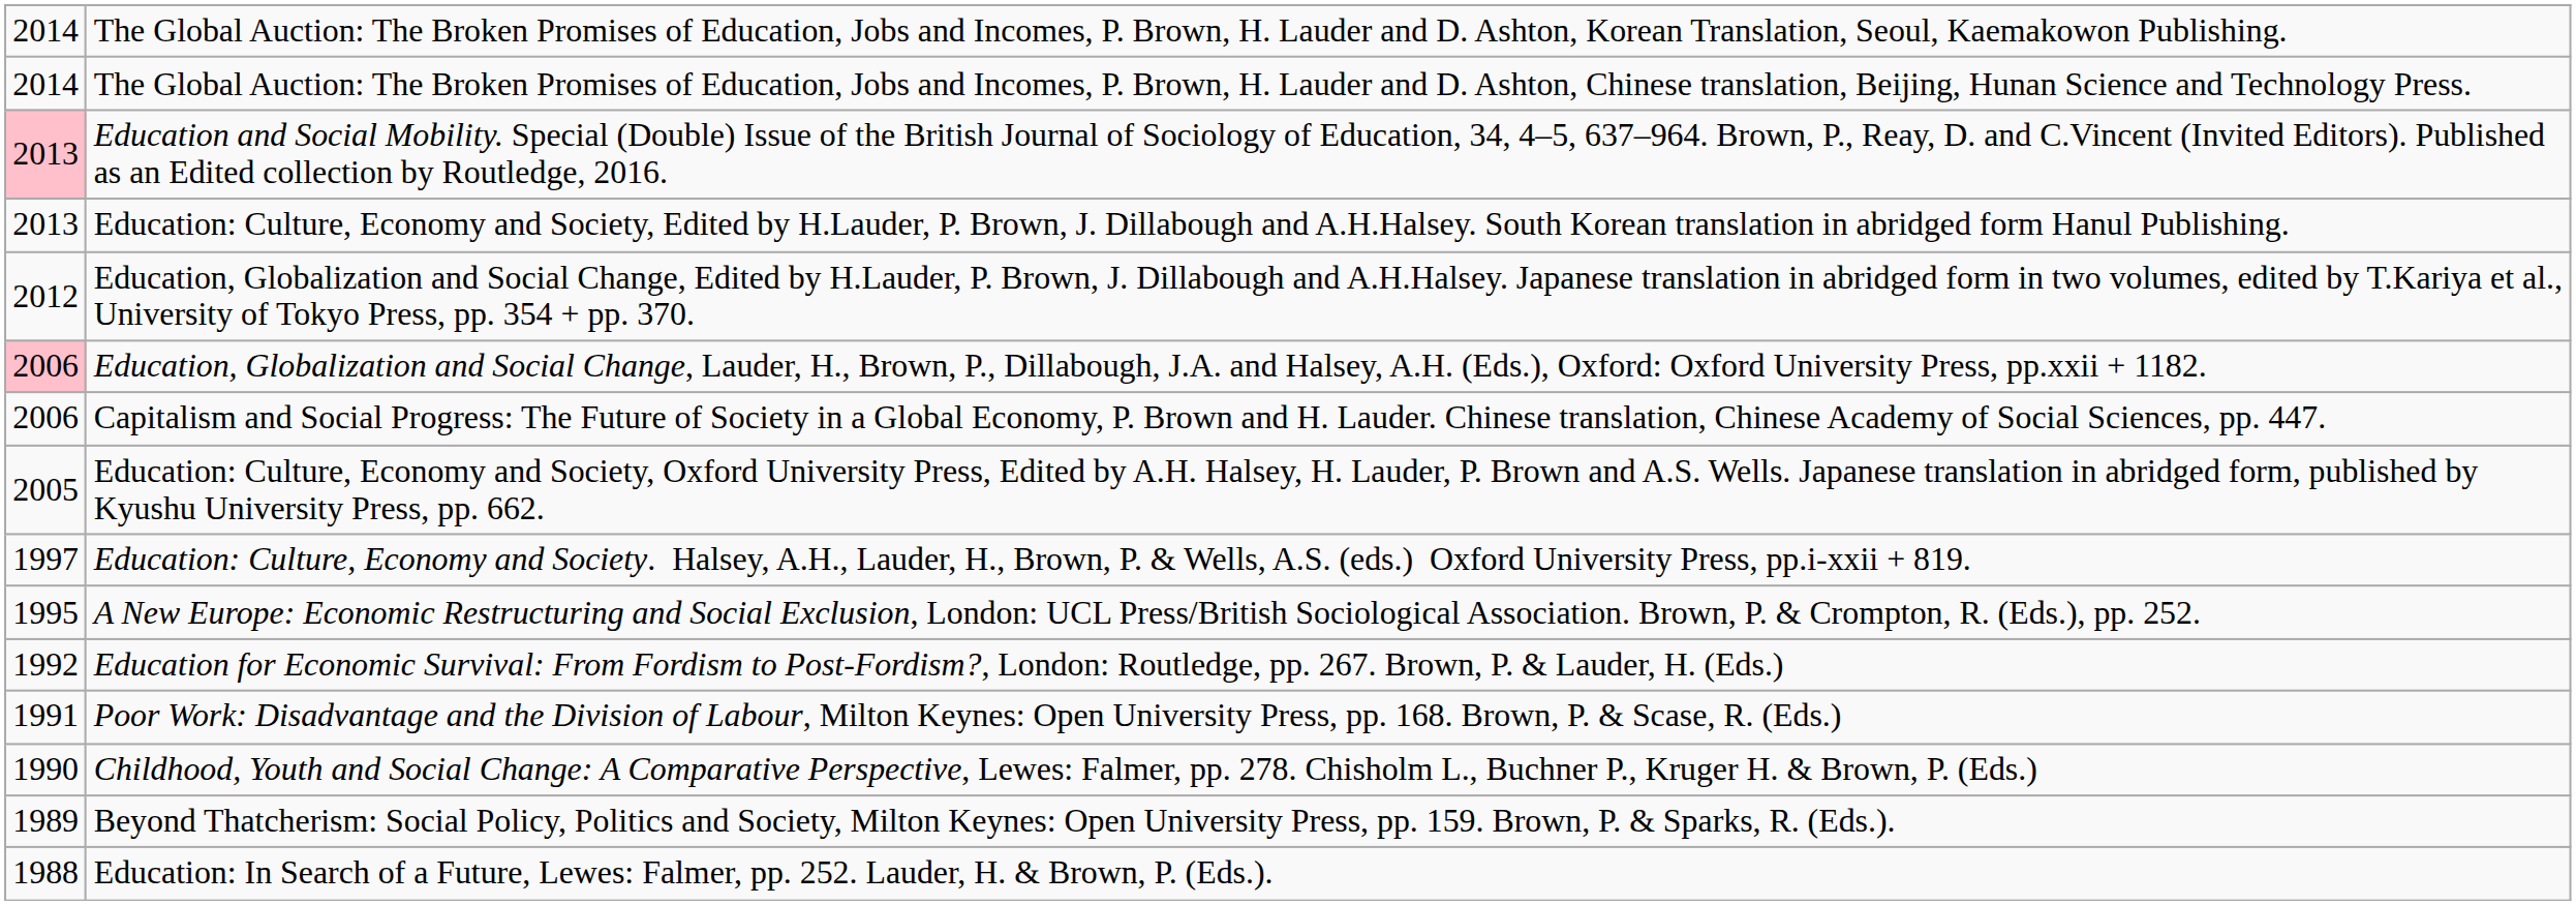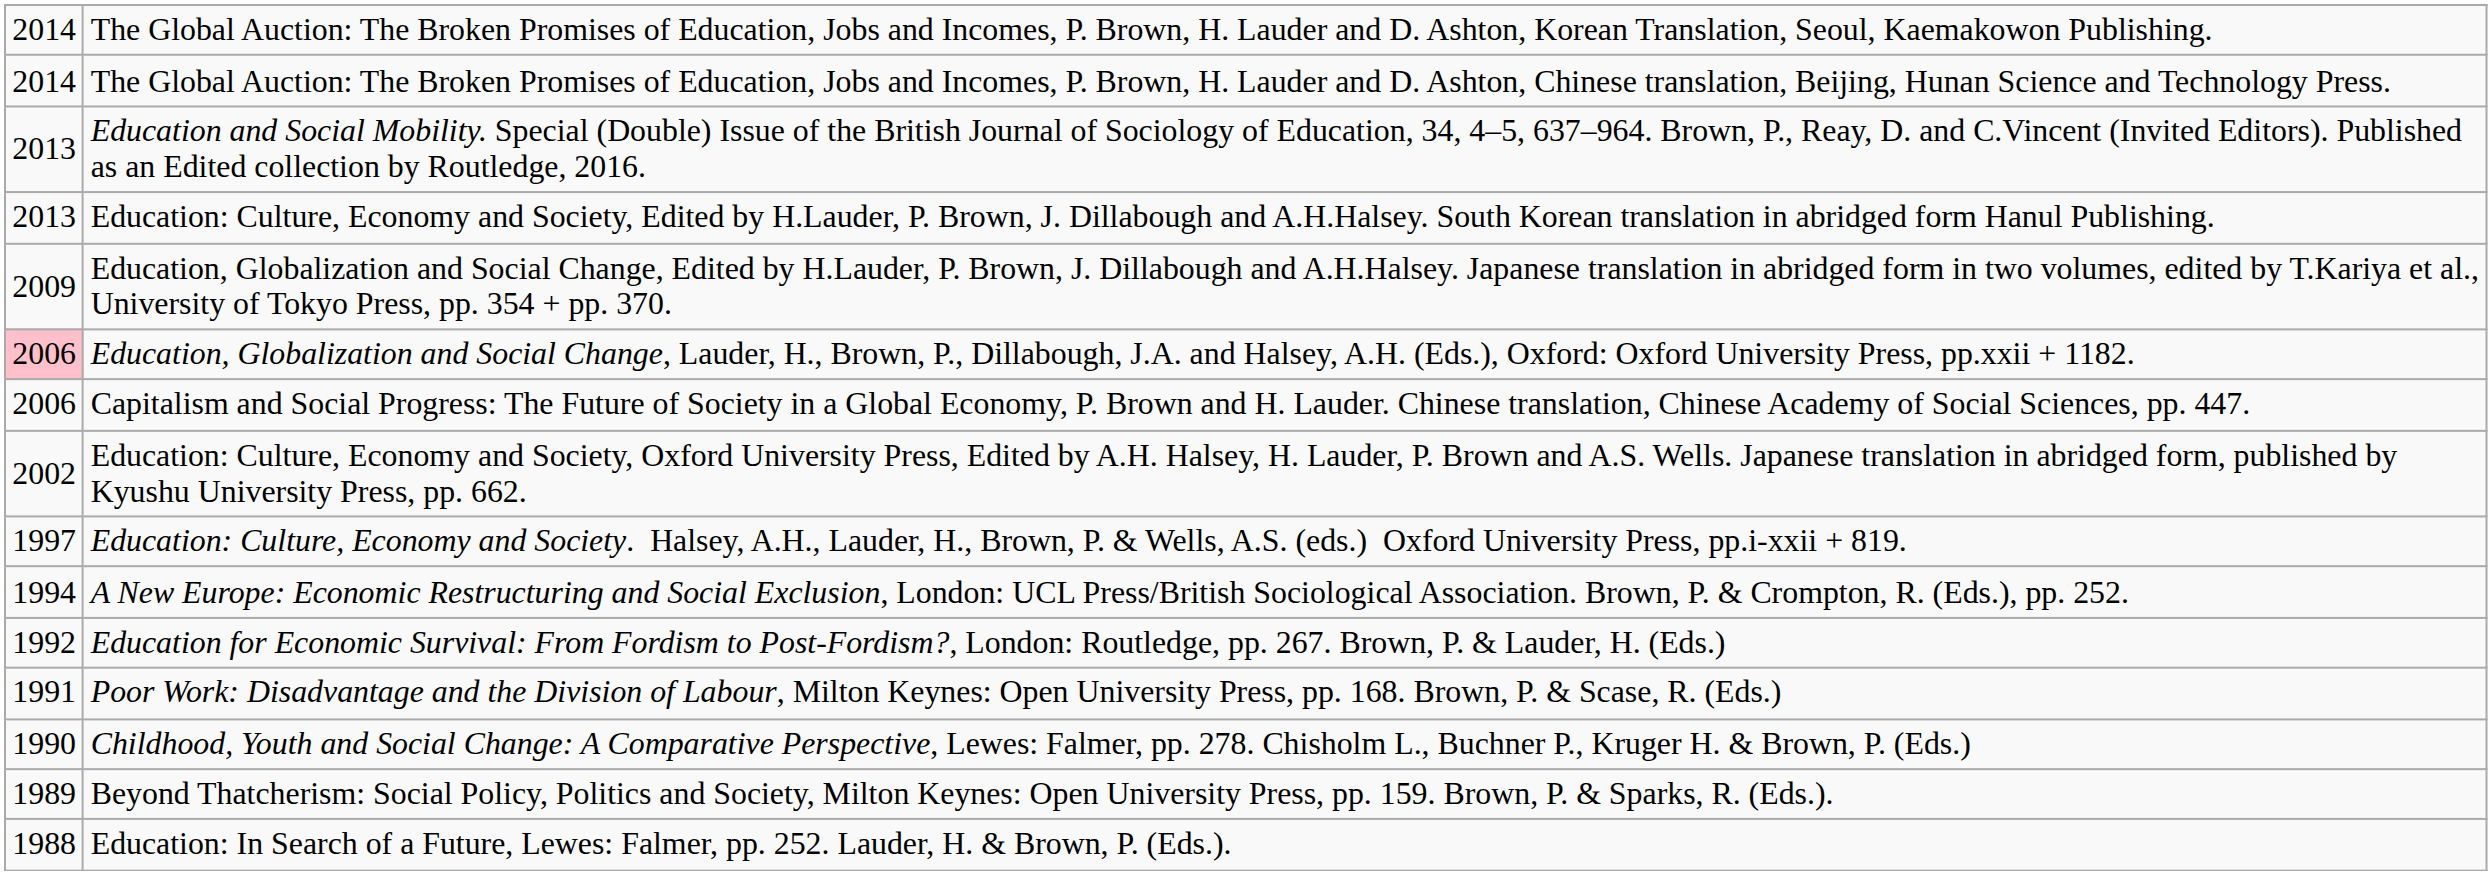 <table class="wikitable">
 <tr>
 <td>2014</td>
 <td>The Global Auction: The Broken Promises of Education, Jobs and Incomes, P. Brown, H. Lauder and D. Ashton, Korean Translation, Seoul, Kaemakowon Publishing.</td>
 </tr>
 <tr>
 <td>2014</td>
 <td>The Global Auction: The Broken Promises of Education, Jobs and Incomes, P. Brown, H. Lauder and D. Ashton, Chinese translation, Beijing, Hunan Science and Technology Press.</td>
 </tr>
 <tr>
-<td style="background: pink;">2013</td>
+<td>2013</td>
 <td><em>Education and Social Mobility.</em> Special (Double) Issue of the British Journal of Sociology of Education, 34, 4–5, 637–964. Brown, P., Reay, D. and C.Vincent (Invited Editors). Published as an Edited collection by Routledge, 2016.</td>
 </tr>
 <tr>
 <td>2013</td>
 <td>Education: Culture, Economy and Society, Edited by H.Lauder, P. Brown, J. Dillabough and A.H.Halsey. South Korean translation in abridged form Hanul Publishing.</td>
 </tr>
 <tr>
-<td>2012</td>
+<td>2009</td>
 <td>Education, Globalization and Social Change, Edited by H.Lauder, P. Brown, J. Dillabough and A.H.Halsey. Japanese translation in abridged form in two volumes, edited by T.Kariya et al., University of Tokyo Press, pp. 354 + pp. 370.</td>
 </tr>
 <tr>
 <td style="background: pink;">2006</td>
 <td><em>Education, Globalization and Social Change</em>, Lauder, H., Brown, P., Dillabough, J.A. and Halsey, A.H.  (Eds.), Oxford: Oxford University Press, pp.xxii + 1182.</td>
 </tr>
 <tr>
 <td>2006</td>
 <td>Capitalism and Social Progress: The Future of Society in a Global Economy, P. Brown and H. Lauder. Chinese translation, Chinese Academy of Social Sciences, pp. 447.</td>
 </tr>
 <tr>
-<td>2005</td>
+<td>2002</td>
 <td>Education: Culture, Economy and Society, Oxford University Press, Edited by A.H. Halsey, H. Lauder, P. Brown and A.S. Wells. Japanese translation in abridged form, published by Kyushu University Press, pp. 662.</td>
 </tr>
 <tr>
 <td>1997</td>
 <td><em>Education: Culture, Economy and Society</em>.  Halsey, A.H.,  Lauder, H., Brown, P. & Wells, A.S. (eds.)  Oxford University Press, pp.i-xxii + 819.</td>
 </tr>
 <tr>
-<td>1995</td>
+<td>1994</td>
 <td><em>A New Europe: Economic Restructuring and Social Exclusion</em>, London: UCL Press/British Sociological Association.  Brown, P. & Crompton, R. (Eds.), pp. 252.</td>
 </tr>
 <tr>
 <td>1992</td>
 <td><em>Education for Economic Survival: From Fordism to Post-Fordism?</em>, London: Routledge, pp. 267. Brown, P. & Lauder, H.  (Eds.)</td>
 </tr>
 <tr>
 <td>1991</td>
 <td><em>Poor Work: Disadvantage and the Division of Labour</em>, Milton Keynes: Open University Press, pp. 168. Brown, P.  & Scase, R. (Eds.)</td>
 </tr>
 <tr>
 <td>1990</td>
 <td><em>Childhood, Youth and Social Change: A Comparative  Perspective</em>, Lewes: Falmer, pp. 278. Chisholm L., Buchner P., Kruger H. &  Brown, P. (Eds.)</td>
 </tr>
 <tr>
 <td>1989</td>
 <td>Beyond Thatcherism: Social Policy, Politics and Society, Milton Keynes: Open University Press, pp. 159. Brown, P. & Sparks, R. (Eds.).</td>
 </tr>
 <tr>
 <td>1988</td>
 <td>Education: In Search of a Future, Lewes: Falmer, pp. 252. Lauder, H. & Brown, P. (Eds.).</td>
 </tr>
 </table>
